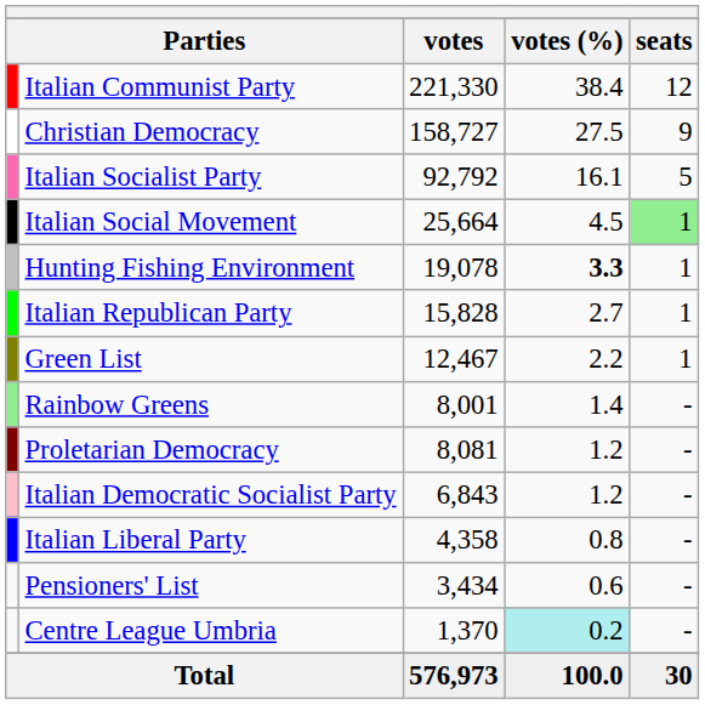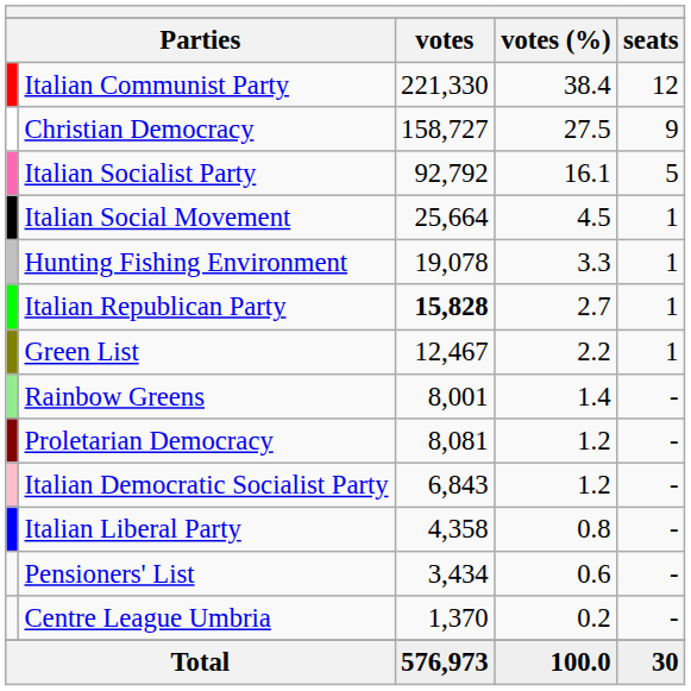 <table class="wikitable" style="font-size:95%">
 <tr>
 <th colspan=5></th>
 </tr>
 <tr>
 </tr>
 <tr bgcolor="EFEFEF">
 <th colspan=2>Parties</th>
 <th>votes</th>
 <th>votes (%)</th>
 <th>seats</th>
 </tr>
 <tr>
 <td bgcolor=red></td>
 <td><a href='#'>Italian Communist Party</a></td>
 <td align=right>221,330</td>
 <td align=right>38.4</td>
 <td align=right>12</td>
 </tr>
 <tr>
 <td bgcolor=White></td>
 <td><a href='#'>Christian Democracy</a></td>
 <td align=right>158,727</td>
 <td align=right>27.5</td>
 <td align=right>9</td>
 </tr>
 <tr>
 <td bgcolor=Hotpink></td>
 <td><a href='#'>Italian Socialist Party</a></td>
 <td align=right>92,792</td>
 <td align=right>16.1</td>
 <td align=right>5</td>
 </tr>
 <tr>
 <td bgcolor=Black></td>
 <td><a href='#'>Italian Social Movement</a></td>
 <td align=right>25,664</td>
 <td align=right>4.5</td>
-<td align=right style="background: lightgreen;">1</td>
+<td align=right>1</td>
 </tr>
 <tr>
 <td bgcolor=Silver></td>
 <td><a href='#'>Hunting Fishing Environment</a></td>
 <td align=right>19,078</td>
-<td align=right><strong>3.3</strong></td>
+<td align=right>3.3</td>
 <td align=right>1</td>
 </tr>
 <tr>
 <td bgcolor=Lime></td>
 <td><a href='#'>Italian Republican Party</a></td>
-<td align=right>15,828</td>
+<td align=right><strong>15,828</strong></td>
 <td align=right>2.7</td>
 <td align=right>1</td>
 </tr>
 <tr>
 <td bgcolor=Olive></td>
 <td><a href='#'>Green List</a></td>
 <td align=right>12,467</td>
 <td align=right>2.2</td>
 <td align=right>1</td>
 </tr>
 <tr>
 <td bgcolor="lightgreen"></td>
 <td><a href='#'>Rainbow Greens</a></td>
 <td align=right>8,001</td>
 <td align=right>1.4</td>
 <td align=right>-</td>
 </tr>
 <tr>
 <td bgcolor=maroon></td>
 <td><a href='#'>Proletarian Democracy</a></td>
 <td align=right>8,081</td>
 <td align=right>1.2</td>
 <td align=right>-</td>
 </tr>
 <tr>
 <td bgcolor=pink></td>
 <td><a href='#'>Italian Democratic Socialist Party</a></td>
 <td align=right>6,843</td>
 <td align=right>1.2</td>
 <td align=right>-</td>
 </tr>
 <tr>
 <td bgcolor=blue></td>
 <td><a href='#'>Italian Liberal Party</a></td>
 <td align=right>4,358</td>
 <td align=right>0.8</td>
 <td align=right>-</td>
 </tr>
 <tr>
 <td bgcolor=></td>
 <td><a href='#'>Pensioners' List</a></td>
 <td align=right>3,434</td>
 <td align=right>0.6</td>
 <td align=right>-</td>
 </tr>
 <tr>
 <td bgcolor=></td>
 <td><a href='#'>Centre League Umbria</a></td>
 <td align=right>1,370</td>
-<td align=right style="background: paleturquoise;">0.2</td>
+<td align=right>0.2</td>
 <td align=right>-</td>
 </tr>
 <tr>
 </tr>
 <tr bgcolor="EFEFEF">
 <th colspan=2><strong>Total</strong></th>
 <td align=right><strong>576,973</strong></td>
 <td align=right><strong>100.0</strong></td>
 <td align=right><strong>30</strong></td>
 </tr>
 </table>
